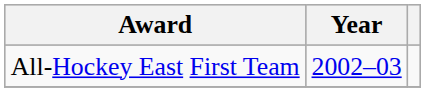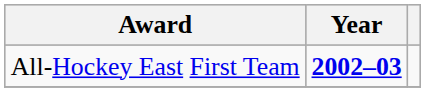 <table class="wikitable">
 <tr>
 <th>Award</th>
 <th>Year</th>
 <th></th>
 </tr>
 <tr>
 <td>All-<a href='#'>Hockey East</a> <a href='#'>First Team</a></td>
-<td><a href='#'>2002–03</a></td>
+<td><strong><a href='#'>2002–03</a></strong></td>
 <td></td>
 </tr>
 <tr>
 </tr>
 </table>
